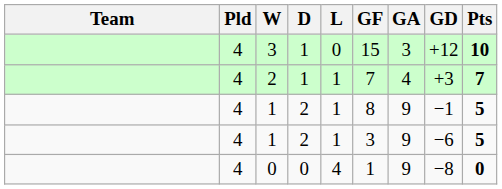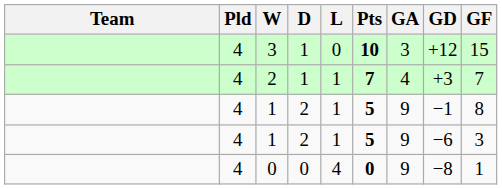 <table class="wikitable" style="text-align: center;">
 <tr>
 <th width=175>Team</th>
 <th width=20>Pld</th>
 <th width=20>W</th>
 <th width=20>D</th>
 <th width=20>L</th>
-<th width=20>GF</th>
+<th width=20>Pts</th>
 <th width=20>GA</th>
 <th width=20>GD</th>
-<th width=20>Pts</th>
+<th width=20>GF</th>
 </tr>
 <tr bgcolor=ccffcc>
 <td style="text-align:left;"></td>
 <td>4</td>
 <td>3</td>
 <td>1</td>
 <td>0</td>
-<td>15</td>
+<td><strong>10</strong></td>
 <td>3</td>
 <td>+12</td>
-<td><strong>10</strong></td>
+<td>15</td>
 </tr>
 <tr bgcolor=ccffcc>
 <td style="text-align:left;"></td>
 <td>4</td>
 <td>2</td>
 <td>1</td>
 <td>1</td>
-<td>7</td>
+<td><strong>7</strong></td>
 <td>4</td>
 <td>+3</td>
-<td><strong>7</strong></td>
+<td>7</td>
 </tr>
 <tr>
 <td style="text-align:left;"></td>
 <td>4</td>
 <td>1</td>
 <td>2</td>
 <td>1</td>
-<td>8</td>
+<td><strong>5</strong></td>
 <td>9</td>
 <td>−1</td>
-<td><strong>5</strong></td>
+<td>8</td>
 </tr>
 <tr>
 <td style="text-align:left;"></td>
 <td>4</td>
 <td>1</td>
 <td>2</td>
 <td>1</td>
-<td>3</td>
+<td><strong>5</strong></td>
 <td>9</td>
 <td>−6</td>
-<td><strong>5</strong></td>
+<td>3</td>
 </tr>
 <tr>
 <td style="text-align:left;"></td>
 <td>4</td>
 <td>0</td>
 <td>0</td>
 <td>4</td>
-<td>1</td>
+<td><strong>0</strong></td>
 <td>9</td>
 <td>−8</td>
-<td><strong>0</strong></td>
+<td>1</td>
 </tr>
 </table>
